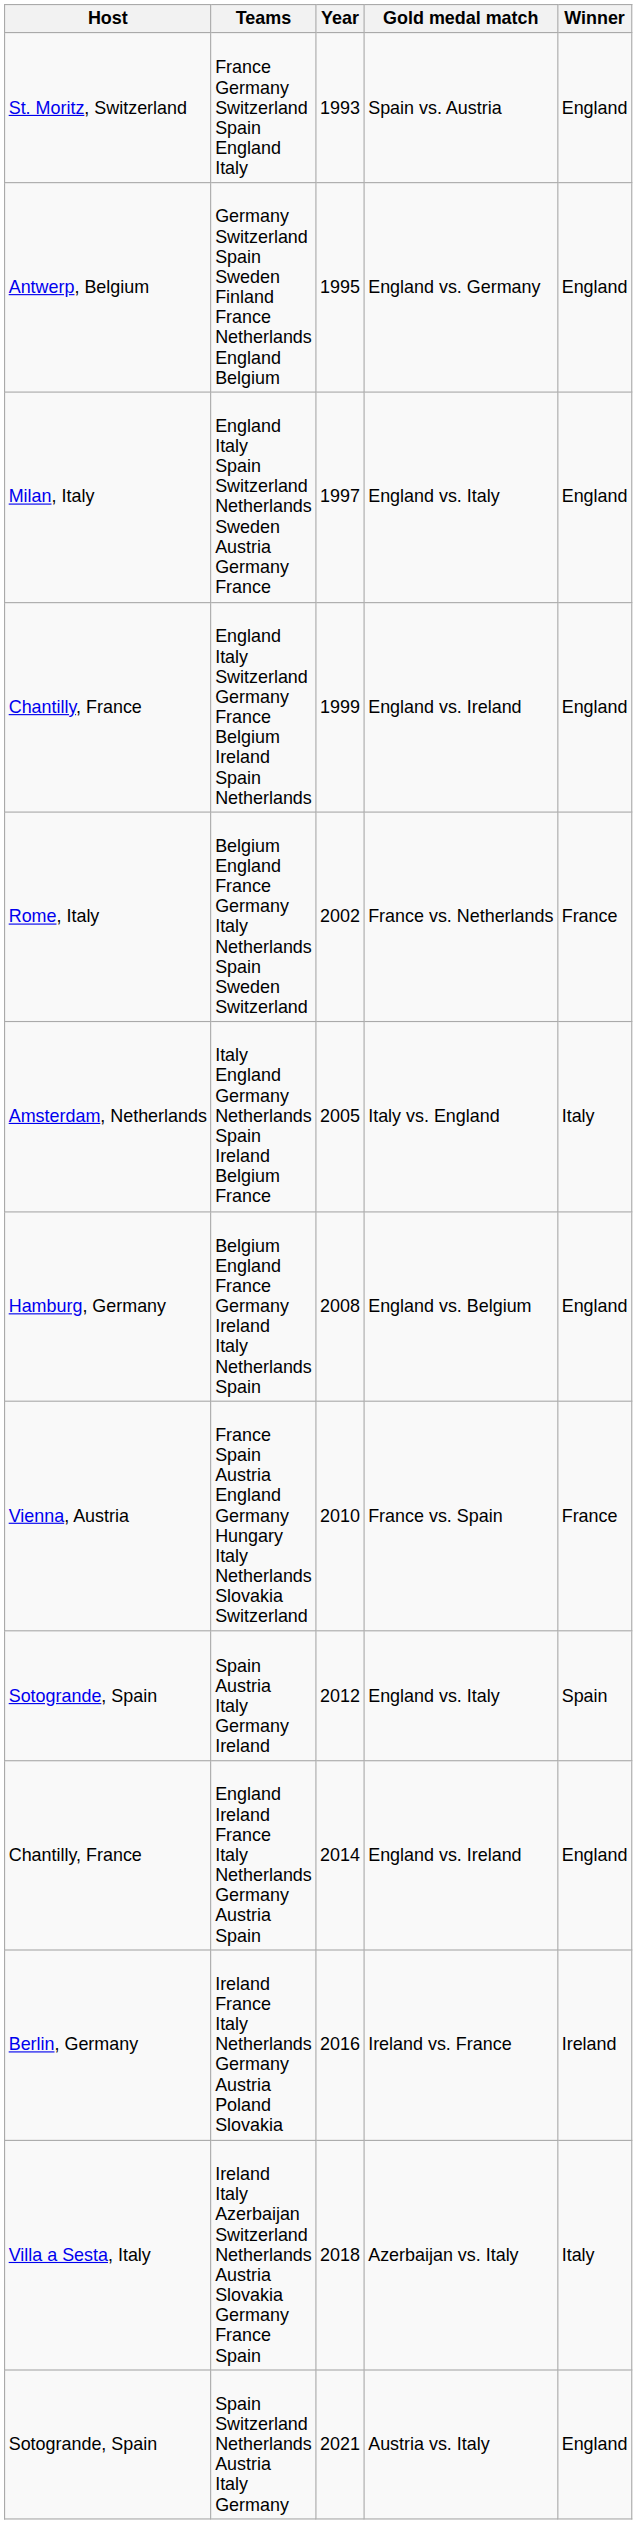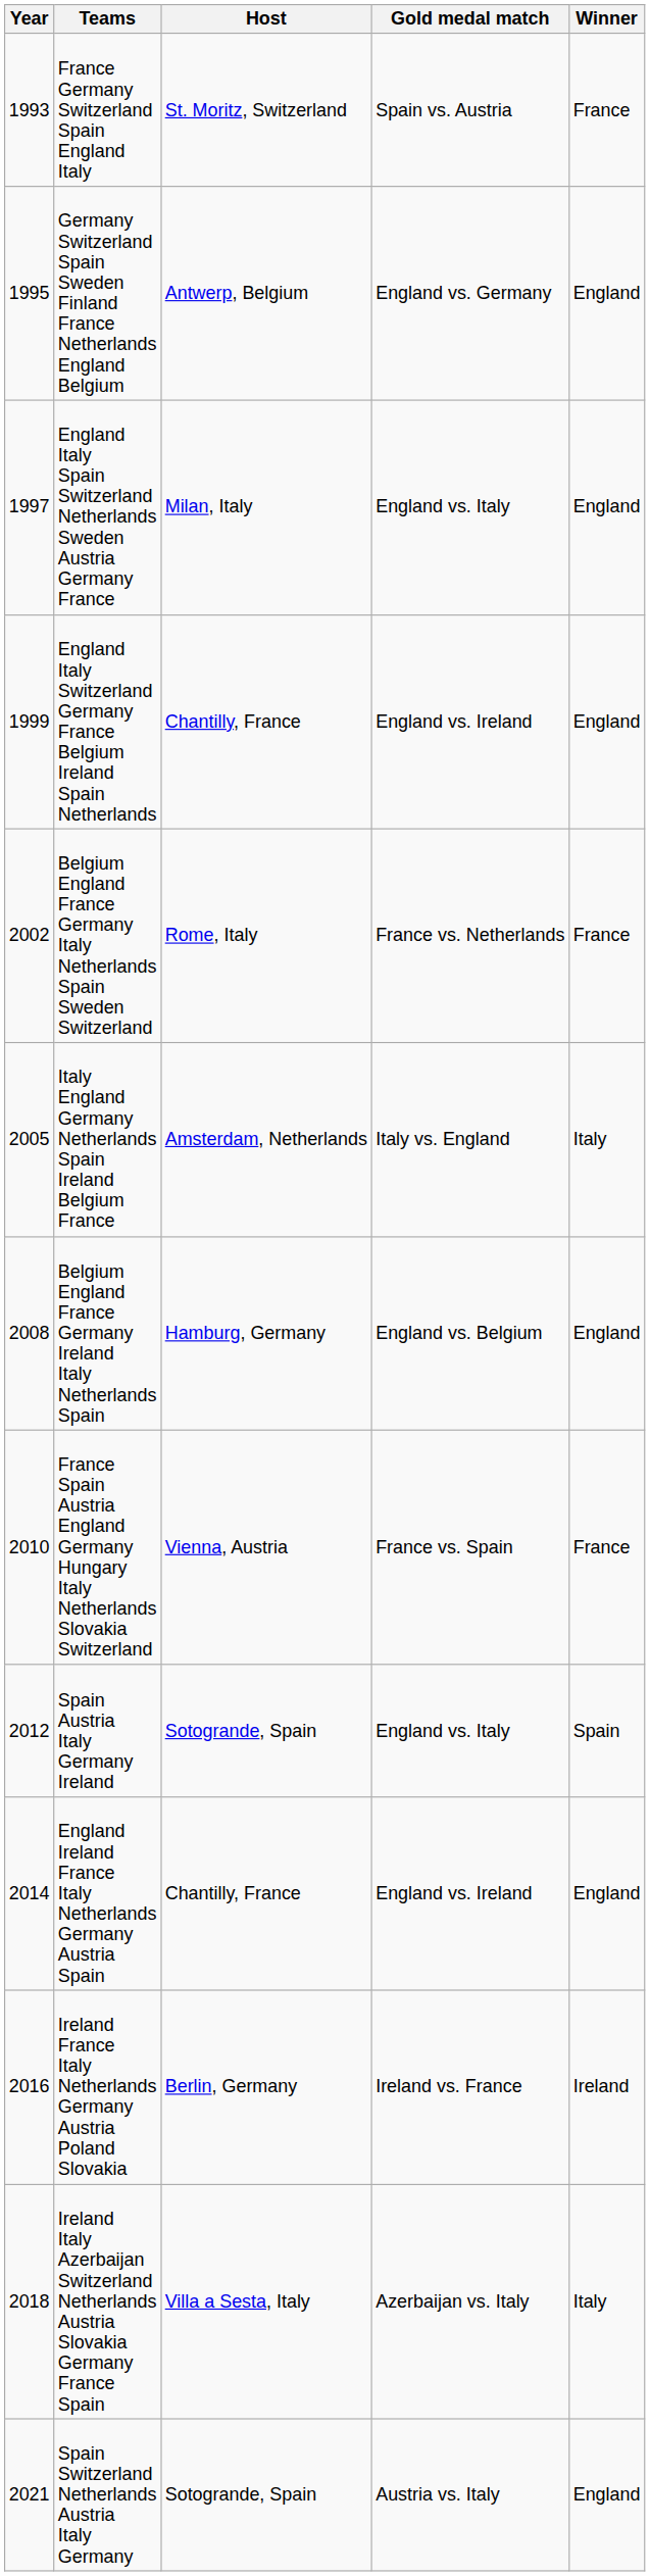 <table class="wikitable">
 <tr>
+<th>Year</th>
+<th>Teams</th>
 <th>Host</th>
-<th>Teams</th>
-<th>Year</th>
 <th>Gold medal match</th>
 <th>Winner</th>
 </tr>
 <tr>
+<td>1993</td>
+<td><br>France<br> Germany<br> Switzerland<br> Spain<br> England<br> Italy</td>
 <td><a href='#'>St. Moritz</a>, Switzerland</td>
-<td><br>France<br> Germany<br> Switzerland<br> Spain<br> England<br> Italy</td>
-<td>1993</td>
 <td>Spain vs. Austria</td>
-<td>England</td>
+<td>France</td>
 </tr>
 <tr>
+<td>1995</td>
+<td><br>Germany<br> Switzerland <br> Spain <br> Sweden <br> Finland <br> France <br> Netherlands <br> England <br> Belgium</td>
 <td><a href='#'>Antwerp</a>, Belgium</td>
-<td><br>Germany<br> Switzerland <br> Spain <br> Sweden <br> Finland <br> France <br> Netherlands <br> England <br> Belgium</td>
-<td>1995</td>
 <td>England vs. Germany</td>
 <td>England</td>
 </tr>
 <tr>
+<td>1997</td>
+<td><br>England<br> Italy<br> Spain<br> Switzerland <br>  Netherlands <br> Sweden <br> Austria <br> Germany <br> France</td>
 <td><a href='#'>Milan</a>, Italy</td>
-<td><br>England<br> Italy<br> Spain<br> Switzerland <br>  Netherlands <br> Sweden <br> Austria <br> Germany <br> France</td>
-<td>1997</td>
 <td>England vs. Italy</td>
 <td>England</td>
 </tr>
 <tr>
+<td>1999</td>
+<td><br>England<br> Italy<br> Switzerland <br> Germany <br> France <br> Belgium <br> Ireland <br> Spain <br> Netherlands</td>
 <td><a href='#'>Chantilly</a>, France</td>
-<td><br>England<br> Italy<br> Switzerland <br> Germany <br> France <br> Belgium <br> Ireland <br> Spain <br> Netherlands</td>
-<td>1999</td>
 <td>England vs. Ireland</td>
 <td>England</td>
 </tr>
 <tr>
+<td>2002</td>
+<td><br>Belgium <br> England <br> France <br> Germany <br> Italy <br> Netherlands <br> Spain <br> Sweden <br> Switzerland</td>
 <td><a href='#'>Rome</a>, Italy</td>
-<td><br>Belgium <br> England <br> France <br> Germany <br> Italy <br> Netherlands <br> Spain <br> Sweden <br> Switzerland</td>
-<td>2002</td>
 <td>France vs. Netherlands</td>
 <td>France</td>
 </tr>
 <tr>
+<td>2005</td>
+<td><br>Italy<br> England <br> Germany <br> Netherlands <br> Spain <br> Ireland <br> Belgium <br> France <br></td>
 <td><a href='#'>Amsterdam</a>, Netherlands</td>
-<td><br>Italy<br> England <br> Germany <br> Netherlands <br> Spain <br> Ireland <br> Belgium <br> France <br></td>
-<td>2005</td>
 <td>Italy vs. England</td>
 <td>Italy</td>
 </tr>
 <tr>
+<td>2008</td>
+<td><br>Belgium<br> England<br> France<br> Germany<br> Ireland <br> Italy<br> Netherlands <br> Spain</td>
 <td><a href='#'>Hamburg</a>, Germany</td>
-<td><br>Belgium<br> England<br> France<br> Germany<br> Ireland <br> Italy<br> Netherlands <br> Spain</td>
-<td>2008</td>
 <td>England vs. Belgium</td>
 <td>England</td>
 </tr>
 <tr>
+<td>2010</td>
+<td><br>France<br> Spain <br> Austria <br> England <br> Germany <br> Hungary <br> Italy <br> Netherlands <br> Slovakia <br> Switzerland</td>
 <td><a href='#'>Vienna</a>, Austria</td>
-<td><br>France<br> Spain <br> Austria <br> England <br> Germany <br> Hungary <br> Italy <br> Netherlands <br> Slovakia <br> Switzerland</td>
-<td>2010</td>
 <td>France vs. Spain</td>
 <td>France</td>
 </tr>
 <tr>
+<td>2012</td>
+<td><br>Spain<br> Austria <br> Italy <br> Germany <br> Ireland</td>
 <td><a href='#'>Sotogrande</a>, Spain</td>
-<td><br>Spain<br> Austria <br> Italy <br> Germany <br> Ireland</td>
-<td>2012</td>
 <td>England vs. Italy</td>
 <td>Spain</td>
 </tr>
 <tr>
+<td>2014</td>
+<td><br>England <br> Ireland <br> France <br> Italy <br> Netherlands <br> Germany <br> Austria <br> Spain</td>
 <td>Chantilly, France</td>
-<td><br>England <br> Ireland <br> France <br> Italy <br> Netherlands <br> Germany <br> Austria <br> Spain</td>
-<td>2014</td>
 <td>England vs. Ireland</td>
 <td>England</td>
 </tr>
 <tr>
+<td>2016</td>
+<td><br>Ireland <br> France <br> Italy <br> Netherlands <br> Germany <br> Austria <br> Poland <br> Slovakia</td>
 <td><a href='#'>Berlin</a>, Germany</td>
-<td><br>Ireland <br> France <br> Italy <br> Netherlands <br> Germany <br> Austria <br> Poland <br> Slovakia</td>
-<td>2016</td>
 <td>Ireland vs. France</td>
 <td>Ireland</td>
 </tr>
 <tr>
+<td>2018</td>
+<td><br>Ireland <br> Italy<br> Azerbaijan<br> Switzerland <br> Netherlands <br> Austria <br> Slovakia <br> Germany <br> France <br> Spain</td>
 <td><a href='#'>Villa a Sesta</a>, Italy</td>
-<td><br>Ireland <br> Italy<br> Azerbaijan<br> Switzerland <br> Netherlands <br> Austria <br> Slovakia <br> Germany <br> France <br> Spain</td>
-<td>2018</td>
 <td>Azerbaijan vs. Italy</td>
 <td>Italy</td>
 </tr>
 <tr>
+<td>2021</td>
+<td><br>Spain<br> Switzerland <br> Netherlands <br> Austria <br> Italy <br> Germany</td>
 <td>Sotogrande, Spain</td>
-<td><br>Spain<br> Switzerland <br> Netherlands <br> Austria <br> Italy <br> Germany</td>
-<td>2021</td>
 <td>Austria vs. Italy</td>
 <td>England</td>
 </tr>
 </table>
